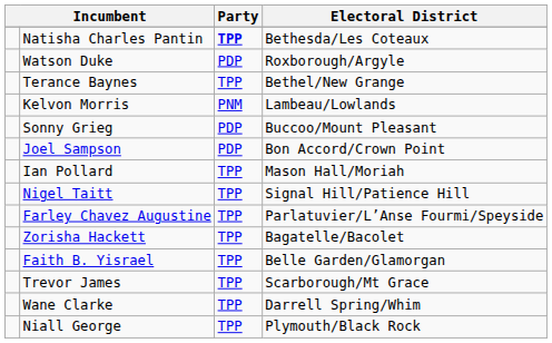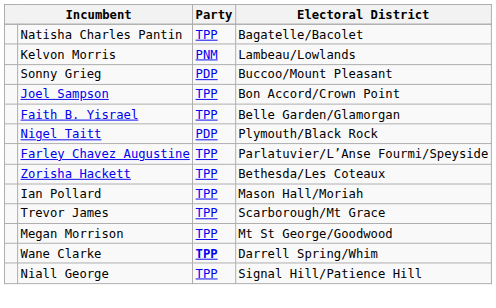 <table class="wikitable sortable mw-collapsible";">
 <tr>
 <th colspan="2">Incumbent</th>
 <th>Party</th>
 <th>Electoral District</th>
 </tr>
 <tr>
 </tr>
 <tr>
 </tr>
 <tr>
 <td style="background:"> </td>
 <td>Natisha Charles Pantin</td>
-<td><strong><a href='#'>TPP</a></strong></td>
-<td>Bethesda/Les Coteaux</td>
-</tr>
-<tr>
-<td style="background:"> </td>
-<td>Watson Duke</td>
-<td><a href='#'>PDP</a></td>
-<td>Roxborough/Argyle</td>
-</tr>
-<tr>
-<td style="background:"> </td>
-<td>Terance Baynes</td>
 <td><a href='#'>TPP</a></td>
-<td>Bethel/New Grange</td>
+<td>Bagatelle/Bacolet</td>
 </tr>
 <tr>
 <td style="background:"> </td>
 <td>Kelvon Morris</td>
 <td><a href='#'>PNM</a></td>
 <td>Lambeau/Lowlands</td>
 </tr>
 <tr>
 <td style="background:"> </td>
 <td>Sonny Grieg</td>
 <td><a href='#'>PDP</a></td>
 <td>Buccoo/Mount Pleasant</td>
 </tr>
 <tr>
 <td style="background:"> </td>
 <td><a href='#'>Joel Sampson</a></td>
-<td><a href='#'>PDP</a></td>
+<td><a href='#'>TPP</a></td>
 <td>Bon Accord/Crown Point</td>
 </tr>
 <tr>
 <td style="background:"> </td>
-<td>Ian Pollard</td>
+<td><a href='#'>Faith B. Yisrael</a></td>
 <td><a href='#'>TPP</a></td>
-<td>Mason Hall/Moriah</td>
+<td>Belle Garden/Glamorgan</td>
 </tr>
 <tr>
 <td style="background:"> </td>
 <td><a href='#'>Nigel Taitt</a></td>
-<td><a href='#'>TPP</a></td>
-<td>Signal Hill/Patience Hill</td>
+<td><a href='#'>PDP</a></td>
+<td>Plymouth/Black Rock</td>
 </tr>
 <tr>
 <td style="background:"> </td>
 <td><a href='#'>Farley Chavez Augustine</a></td>
 <td><a href='#'>TPP</a></td>
 <td>Parlatuvier/L’Anse Fourmi/Speyside</td>
 </tr>
 <tr>
 <td style="background:"> </td>
 <td><a href='#'>Zorisha Hackett</a></td>
 <td><a href='#'>TPP</a></td>
-<td>Bagatelle/Bacolet</td>
+<td>Bethesda/Les Coteaux</td>
 </tr>
 <tr>
 <td style="background:"> </td>
-<td><a href='#'>Faith B. Yisrael</a></td>
+<td>Ian Pollard</td>
 <td><a href='#'>TPP</a></td>
-<td>Belle Garden/Glamorgan</td>
+<td>Mason Hall/Moriah</td>
 </tr>
 <tr>
 <td style="background:"> </td>
 <td>Trevor James</td>
 <td><a href='#'>TPP</a></td>
 <td>Scarborough/Mt Grace</td>
 </tr>
 <tr>
 <td style="background:"> </td>
+<td>Megan Morrison</td>
+<td><a href='#'>TPP</a></td>
+<td>Mt St George/Goodwood</td>
+</tr>
+<tr>
+<td style="background:"> </td>
 <td>Wane Clarke</td>
-<td><a href='#'>TPP</a></td>
+<td><strong><a href='#'>TPP</a></strong></td>
 <td>Darrell Spring/Whim</td>
 </tr>
 <tr>
 <td style="background:"> </td>
 <td>Niall George</td>
 <td><a href='#'>TPP</a></td>
-<td>Plymouth/Black Rock</td>
+<td>Signal Hill/Patience Hill</td>
 </tr>
 </table>
